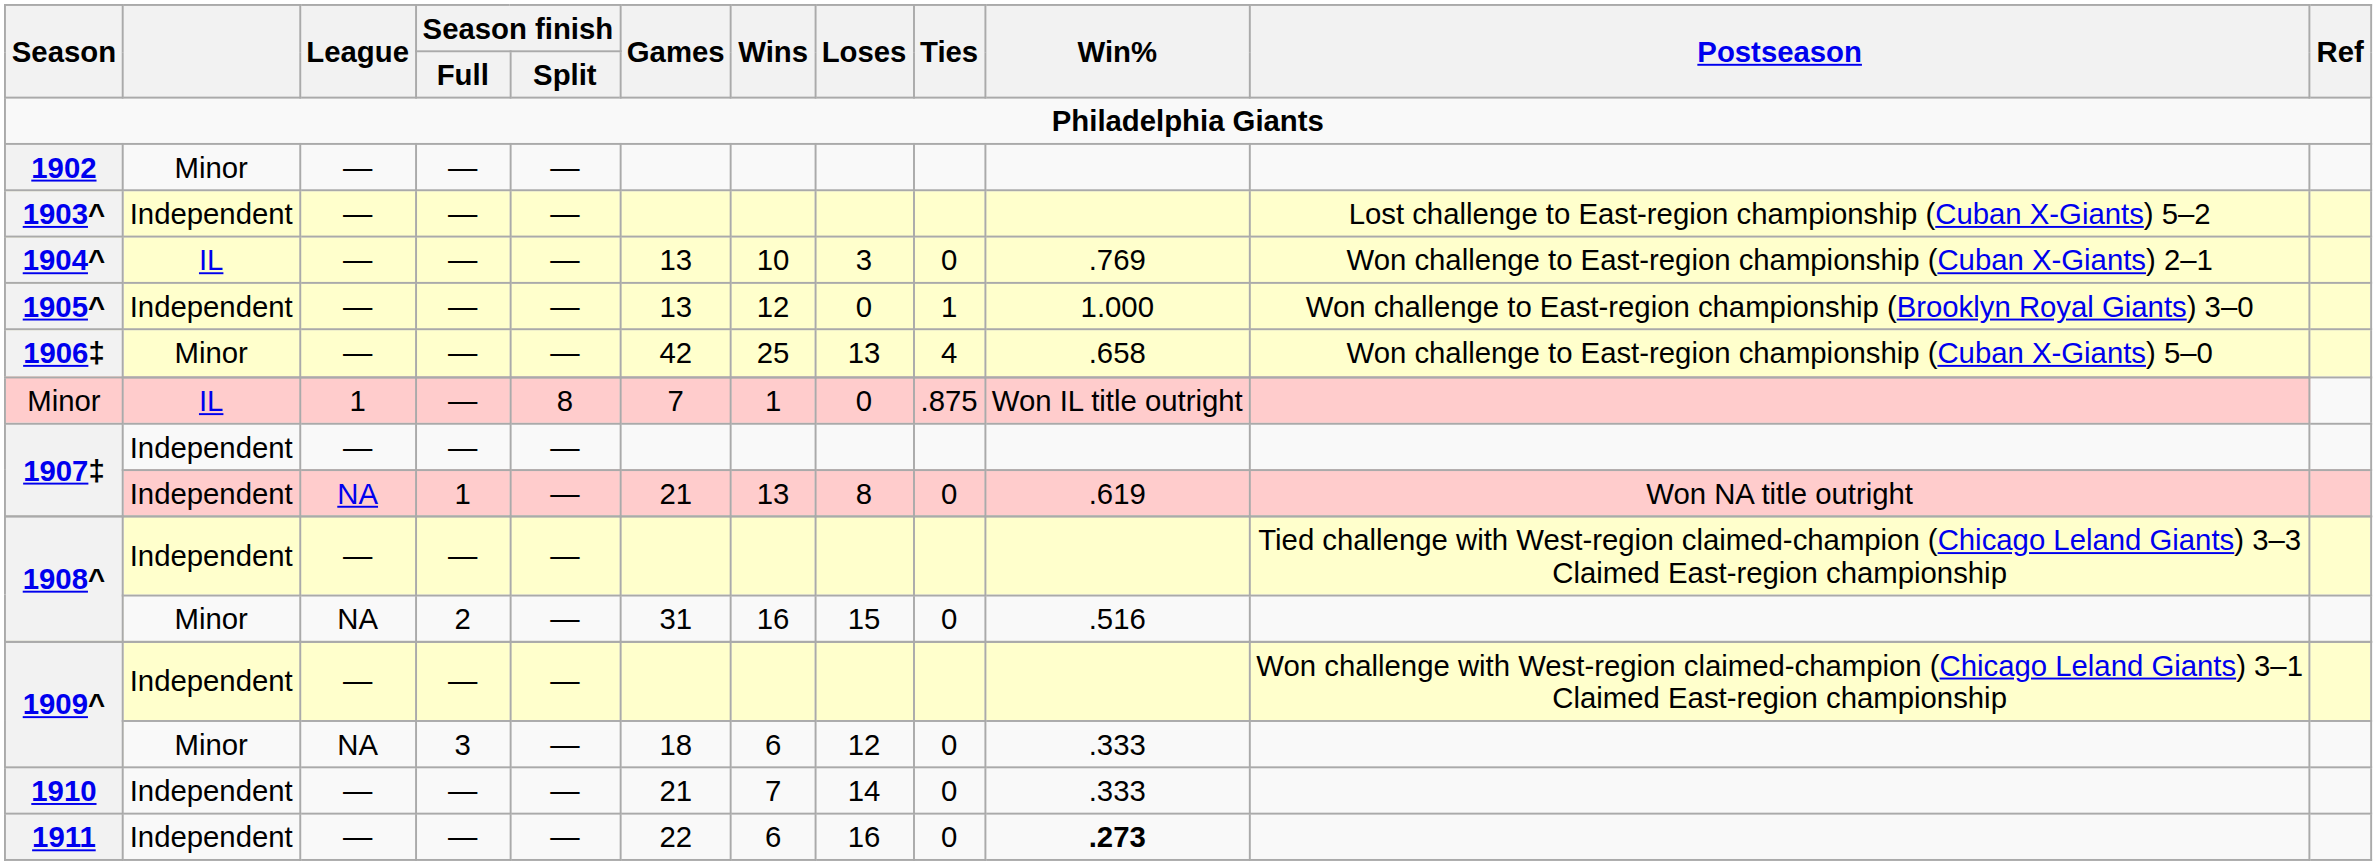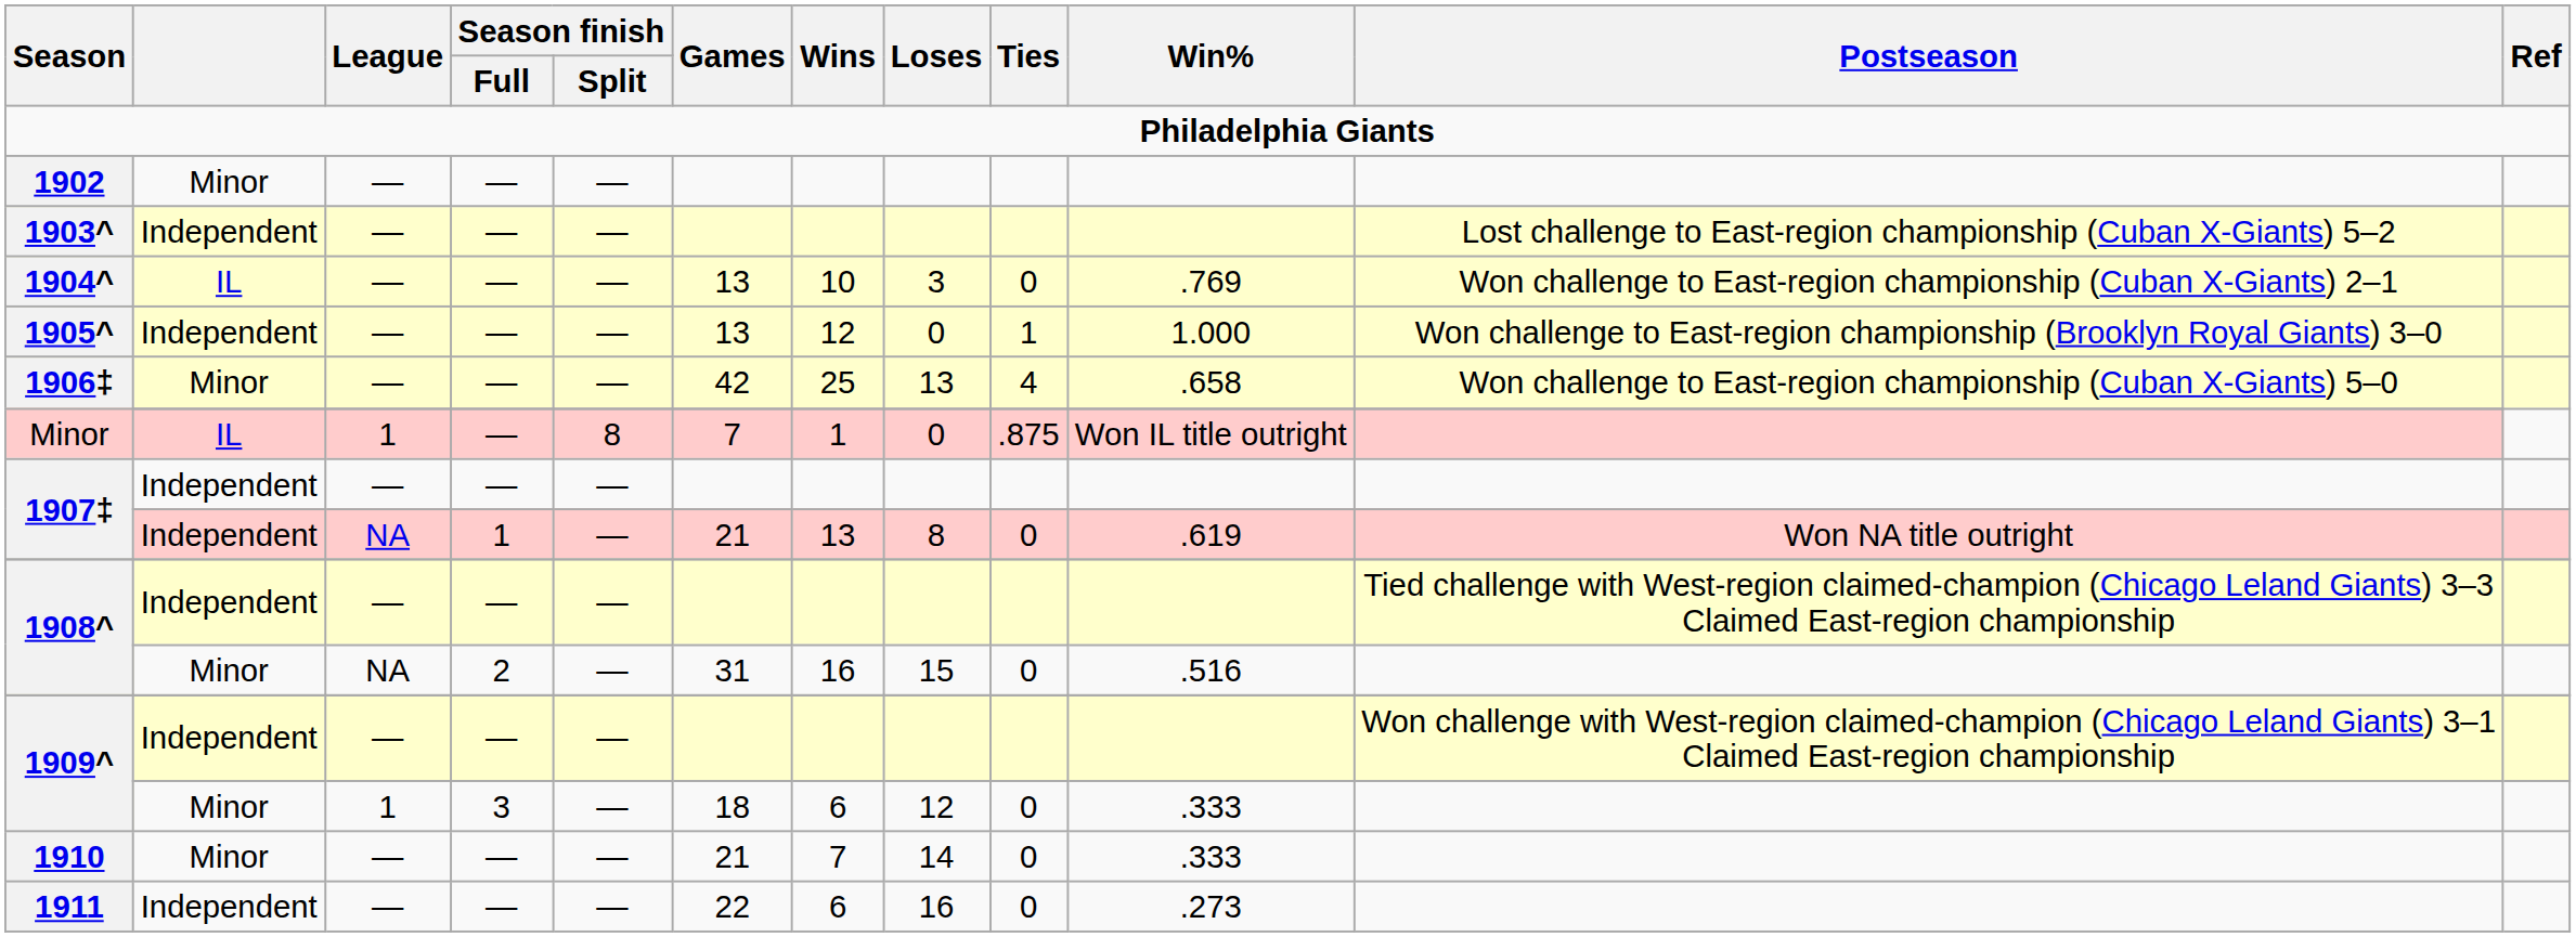 <table class="wikitable sortable" style="text-align:center; font-size:95%">
 <tr>
 <th rowspan="2">Season</th>
 <th rowspan="2"></th>
 <th rowspan="2">League</th>
 <th colspan="2">Season finish</th>
 <th rowspan="2">Games</th>
 <th rowspan="2">Wins</th>
 <th rowspan="2">Loses</th>
 <th rowspan="2">Ties</th>
 <th rowspan="2">Win%</th>
 <th rowspan="2"><a href='#'>Postseason</a></th>
 <th rowspan="2">Ref</th>
 </tr>
 <tr>
 <th>Full</th>
 <th>Split</th>
 </tr>
 <tr>
 <td align="center" colspan="12"><strong>Philadelphia Giants</strong></td>
 </tr>
 <tr>
 <th><a href='#'>1902</a></th>
 <td>Minor</td>
 <td>—</td>
 <td>—</td>
 <td>—</td>
 <td></td>
 <td></td>
 <td></td>
 <td></td>
 <td></td>
 <td></td>
 <td></td>
 </tr>
 <tr bgcolor="#FFFFCC">
 <th><a href='#'>1903</a>^</th>
 <td>Independent</td>
 <td>—</td>
 <td>—</td>
 <td>—</td>
 <td></td>
 <td></td>
 <td></td>
 <td></td>
 <td></td>
 <td>Lost challenge to East-region championship (<a href='#'>Cuban X-Giants</a>) 5–2</td>
 <td></td>
 </tr>
 <tr bgcolor="#FFFFCC">
 <th><a href='#'>1904</a>^</th>
 <td><a href='#'>IL</a></td>
 <td>—</td>
 <td>—</td>
 <td>—</td>
 <td>13</td>
 <td>10</td>
 <td>3</td>
 <td>0</td>
 <td>.769</td>
 <td>Won challenge to East-region championship (<a href='#'>Cuban X-Giants</a>) 2–1</td>
 <td></td>
 </tr>
 <tr bgcolor="#FFFFCC">
 <th><a href='#'>1905</a>^</th>
 <td>Independent</td>
 <td>—</td>
 <td>—</td>
 <td>—</td>
 <td>13</td>
 <td>12</td>
 <td>0</td>
 <td>1</td>
 <td>1.000</td>
 <td>Won challenge to East-region championship (<a href='#'>Brooklyn Royal Giants</a>) 3–0</td>
 <td></td>
 </tr>
 <tr bgcolor="#FFFFCC">
 <th rowspan="2"><a href='#'>1906</a>‡</th>
 <td>Minor</td>
 <td>—</td>
 <td>—</td>
 <td>—</td>
 <td>42</td>
 <td>25</td>
 <td>13</td>
 <td>4</td>
 <td>.658</td>
 <td>Won challenge to East-region championship (<a href='#'>Cuban X-Giants</a>) 5–0</td>
 <td></td>
 </tr>
 <tr>
 </tr>
 <tr bgcolor="#FFCCCC">
 <td>Minor</td>
 <td><a href='#'>IL</a></td>
 <td>1</td>
 <td>—</td>
 <td>8</td>
 <td>7</td>
 <td>1</td>
 <td>0</td>
 <td>.875</td>
 <td>Won IL title outright</td>
 <td></td>
 </tr>
 <tr>
 <th rowspan="2"><a href='#'>1907</a>‡</th>
 <td>Independent</td>
 <td>—</td>
 <td>—</td>
 <td>—</td>
 <td></td>
 <td></td>
 <td></td>
 <td></td>
 <td></td>
 <td></td>
 <td></td>
 </tr>
 <tr bgcolor="#FFCCCC">
 <td>Independent</td>
 <td><a href='#'>NA</a></td>
 <td>1</td>
 <td>—</td>
 <td>21</td>
 <td>13</td>
 <td>8</td>
 <td>0</td>
 <td>.619</td>
 <td>Won NA title outright</td>
 <td></td>
 </tr>
 <tr>
 </tr>
 <tr bgcolor="#FFFFCC">
 <th rowspan="2"><a href='#'>1908</a>^</th>
 <td>Independent</td>
 <td>—</td>
 <td>—</td>
 <td>—</td>
 <td></td>
 <td></td>
 <td></td>
 <td></td>
 <td></td>
 <td>Tied challenge with West-region claimed-champion (<a href='#'>Chicago Leland Giants</a>) 3–3<br>Claimed East-region championship</td>
 <td></td>
 </tr>
 <tr>
 <td>Minor</td>
 <td>NA</td>
 <td>2</td>
 <td>—</td>
 <td>31</td>
 <td>16</td>
 <td>15</td>
 <td>0</td>
 <td>.516</td>
 <td></td>
 <td></td>
 </tr>
 <tr>
 </tr>
 <tr bgcolor="#FFFFCC">
 <th rowspan="2"><a href='#'>1909</a>^</th>
 <td>Independent</td>
 <td>—</td>
 <td>—</td>
 <td>—</td>
 <td></td>
 <td></td>
 <td></td>
 <td></td>
 <td></td>
 <td>Won challenge with West-region claimed-champion (<a href='#'>Chicago Leland Giants</a>) 3–1<br>Claimed East-region championship</td>
 <td></td>
 </tr>
 <tr>
 <td>Minor</td>
-<td>NA</td>
+<td>1</td>
 <td>3</td>
 <td>—</td>
 <td>18</td>
 <td>6</td>
 <td>12</td>
 <td>0</td>
 <td>.333</td>
 <td></td>
 <td></td>
 </tr>
 <tr>
 <th><a href='#'>1910</a></th>
-<td>Independent</td>
+<td>Minor</td>
 <td>—</td>
 <td>—</td>
 <td>—</td>
 <td>21</td>
 <td>7</td>
 <td>14</td>
 <td>0</td>
 <td>.333</td>
 <td></td>
 <td></td>
 </tr>
 <tr>
 <th><a href='#'>1911</a></th>
 <td>Independent</td>
 <td>—</td>
 <td>—</td>
 <td>—</td>
 <td>22</td>
 <td>6</td>
 <td>16</td>
 <td>0</td>
-<td><strong>.273</strong></td>
+<td>.273</td>
 <td></td>
 <td></td>
 </tr>
 </table>
